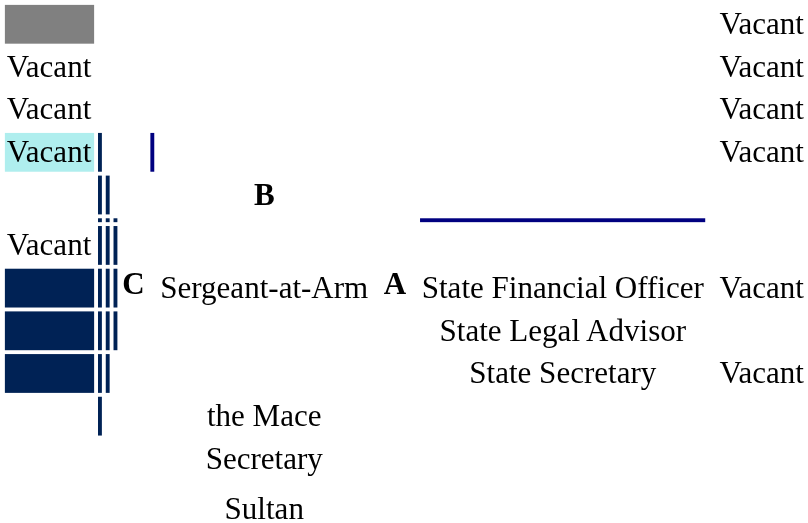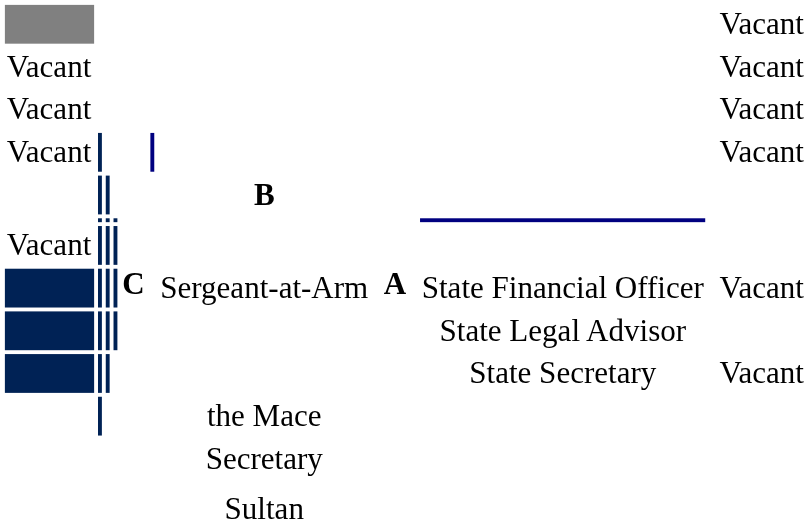 <table style="font-size:100%; text-align:center;">
 <tr>
 <td bgcolor="#808080"></td>
 <td></td>
 <td colspan=2></td>
 <td></td>
 <td colspan="2"></td>
 <td colspan="2"></td>
 <td></td>
 <td colspan="2"></td>
 <td></td>
 <td>Vacant</td>
 </tr>
 <tr>
 <td>Vacant</td>
 <td></td>
 <td></td>
 <td colspan="2"></td>
 <td></td>
 <td colspan="2"></td>
 <td></td>
 <td colspan="2"></td>
 <td></td>
 <td></td>
 <td>Vacant</td>
 </tr>
 <tr>
 <td>Vacant</td>
 <td></td>
 <td></td>
 <td></td>
 <td bgcolor=></td>
 <td colspan="2"></td>
 <td colspan="2"></td>
 <td></td>
 <td></td>
 <td></td>
 <td></td>
 <td>Vacant</td>
 </tr>
 <tr>
-<td style="background: paleturquoise;">Vacant</td>
+<td>Vacant</td>
 <td style="background-color:#002255;"></td>
 <td></td>
 <td></td>
 <td></td>
 <td style="background-color:#000080;"></td>
 <td colspan="2"></td>
 <td></td>
 <td></td>
 <td></td>
 <td></td>
 <td></td>
 <td>Vacant</td>
 </tr>
 <tr>
 <td></td>
 <td style="background-color:#002255;"></td>
 <td style="background-color:#002255;"></td>
 <td></td>
 <td></td>
 <td colspan=4><strong>B</strong></td>
 <td></td>
 <td></td>
 <td></td>
 <td></td>
 <td></td>
 </tr>
 <tr>
 <td></td>
 <td style="background-color:#002255;"></td>
 <td style="background-color:#002255;"></td>
 <td style="background-color:#002255;"></td>
 <td rowspan="4"><strong>C</strong></td>
 <td></td>
 <td></td>
 <td></td>
 <td></td>
 <td rowspan=4><strong>A</strong></td>
 <td bgcolor=></td>
 <td style="background-color:#000080;"></td>
 <td></td>
 <td></td>
 </tr>
 <tr>
 <td>Vacant</td>
 <td bgcolor=#002255></td>
 <td style="background-color:#002255;"></td>
 <td style="background-color:#002255;"></td>
 <td></td>
 <td></td>
 <td></td>
 <td></td>
 <td></td>
 <td></td>
 <td></td>
 </tr>
 <tr>
 <td style="background-color:#002255;"></td>
 <td bgcolor=#002255></td>
 <td style="background-color:#002255;"></td>
 <td style="background-color:#002255;"></td>
 <td></td>
 <td colspan=2>Sergeant-at-Arm</td>
 <td></td>
 <td bgcolor=></td>
 <td>State Financial Officer</td>
 <td bgcolor=></td>
 <td>Vacant</td>
 </tr>
 <tr>
 <td style="background-color:#002255;"></td>
 <td style="background-color:#002255;"></td>
 <td style="background-color:#002255;"></td>
 <td style="background-color:#002255;"></td>
 <td></td>
 <td></td>
 <td></td>
 <td></td>
 <td bgcolor=></td>
 <td>State Legal Advisor</td>
 <td bgcolor=></td>
 <td bgcolor=></td>
 </tr>
 <tr>
 <td style="background-color:#002255;"></td>
 <td style="background-color:#002255;"></td>
 <td style="background-color:#002255;"></td>
 <td></td>
 <td></td>
 <td></td>
 <td></td>
 <td></td>
 <td></td>
 <td></td>
 <td></td>
 <td>State Secretary</td>
 <td bgcolor=></td>
 <td>Vacant</td>
 </tr>
 <tr>
 <td></td>
 <td style="background-color:#002255;"></td>
 <td></td>
 <td></td>
 <td></td>
 <td></td>
 <td colspan=2>the Mace</td>
 <td></td>
 <td></td>
 <td></td>
 <td></td>
 <td></td>
 <td></td>
 </tr>
 <tr>
 <td></td>
 <td></td>
 <td></td>
 <td></td>
 <td></td>
 <td></td>
 <td colspan=2>Secretary</td>
 <td></td>
 <td></td>
 <td></td>
 <td></td>
 <td></td>
 <td></td>
 </tr>
 <tr>
 <td></td>
 <td></td>
 <td></td>
 <td></td>
 <td></td>
 <td></td>
 <td colspan=2 bgcolor=></td>
 <td></td>
 <td></td>
 <td></td>
 <td></td>
 <td></td>
 <td></td>
 </tr>
 <tr>
 <td></td>
 <td></td>
 <td></td>
 <td></td>
 <td></td>
 <td></td>
 <td colspan=2>Sultan</td>
 <td></td>
 <td></td>
 <td></td>
 <td></td>
 <td></td>
 <td></td>
 </tr>
 </table>
